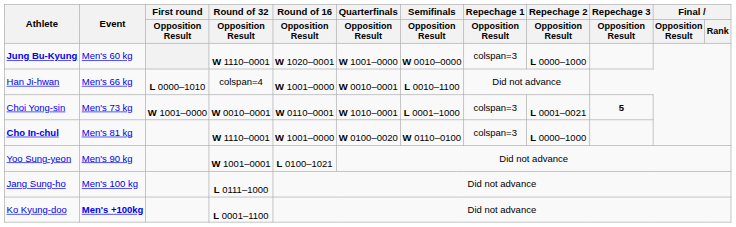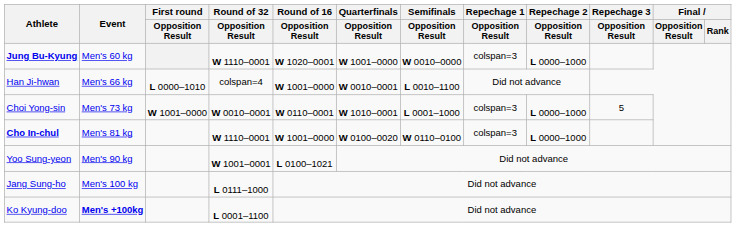 <table class="wikitable" style="font-size:90%">
 <tr>
 <th rowspan="2">Athlete</th>
 <th rowspan="2">Event</th>
 <th>First round</th>
 <th>Round of 32</th>
 <th>Round of 16</th>
 <th>Quarterfinals</th>
 <th>Semifinals</th>
 <th>Repechage 1</th>
 <th>Repechage 2</th>
 <th>Repechage 3</th>
 <th colspan=2>Final / </th>
 </tr>
 <tr style="font-size:95%">
 <th>Opposition<br>Result</th>
 <th>Opposition<br>Result</th>
 <th>Opposition<br>Result</th>
 <th>Opposition<br>Result</th>
 <th>Opposition<br>Result</th>
 <th>Opposition<br>Result</th>
 <th>Opposition<br>Result</th>
 <th>Opposition<br>Result</th>
 <th>Opposition<br>Result</th>
 <th>Rank</th>
 </tr>
 <tr style="text-align: center;">
 <td style="text-align: left;"><strong><a href='#'>Jung Bu-Kyung</a></strong></td>
 <td style="text-align: left;"><a href='#'>Men's 60 kg</a></td>
 <th></th>
 <td><br><strong>W</strong> 1110–0001</td>
 <td><br><strong>W</strong> 1020–0001</td>
 <td><br><strong>W</strong> 1001–0000</td>
 <td><br><strong>W</strong> 0010–0000</td>
 <td>colspan=3 </td>
 <td><br><strong>L</strong> 0000–1000</td>
 <td></td>
 </tr>
 <tr style="text-align: center;">
 <td style="text-align: left;"><a href='#'>Han Ji-hwan</a></td>
 <td style="text-align: left;"><a href='#'>Men's 66 kg</a></td>
 <td><br><strong>L</strong> 0000–1010</td>
 <td>colspan=4 </td>
 <td><br><strong>W</strong> 1001–0000</td>
 <td><br><strong>W</strong> 0010–0001</td>
 <td><br><strong>L</strong> 0010–1100</td>
 <td colspan=2>Did not advance</td>
 </tr>
 <tr style="text-align: center;">
 <td style="text-align: left;"><a href='#'>Choi Yong-sin</a></td>
 <td style="text-align: left;"><a href='#'>Men's 73 kg</a></td>
 <td><br><strong>W</strong> 1001–0000</td>
 <td><br><strong>W</strong> 0010–0001</td>
 <td><br><strong>W</strong> 0110–0001</td>
 <td><br><strong>W</strong> 1010–0001</td>
 <td><br><strong>L</strong> 0001–1000</td>
 <td>colspan=3 </td>
-<td><br><strong>L</strong> 0001–0021</td>
-<td><strong>5</strong></td>
+<td><br><strong>L</strong> 0000–1000</td>
+<td>5</td>
 </tr>
 <tr style="text-align: center;">
 <td style="text-align: left;"><strong><a href='#'>Cho In-chul</a></strong></td>
 <td style="text-align: left;"><a href='#'>Men's 81 kg</a></td>
 <td></td>
 <td><br><strong>W</strong> 1110–0001</td>
 <td><br><strong>W</strong> 1001–0000</td>
 <td><br><strong>W</strong> 0100–0020</td>
 <td><br><strong>W</strong> 0110–0100</td>
 <td>colspan=3 </td>
 <td><br><strong>L</strong> 0000–1000</td>
 <td></td>
 </tr>
 <tr style="text-align: center;">
 <td style="text-align: left;"><a href='#'>Yoo Sung-yeon</a></td>
 <td style="text-align: left;"><a href='#'>Men's 90 kg</a></td>
 <td></td>
 <td><br><strong>W</strong> 1001–0001</td>
 <td><br><strong>L</strong> 0100–1021</td>
 <td colspan=7>Did not advance</td>
 </tr>
 <tr style="text-align: center;">
 <td style="text-align: left;"><a href='#'>Jang Sung-ho</a></td>
 <td style="text-align: left;"><a href='#'>Men's 100 kg</a></td>
 <td></td>
 <td><br><strong>L</strong> 0111–1000</td>
 <td colspan=8>Did not advance</td>
 </tr>
 <tr style="text-align: center;">
 <td style="text-align: left;"><a href='#'>Ko Kyung-doo</a></td>
 <td style="text-align: left;"><strong><a href='#'>Men's +100kg</a></strong></td>
 <td></td>
 <td><br><strong>L</strong> 0001–1100</td>
 <td colspan=8>Did not advance</td>
 </tr>
 </table>
